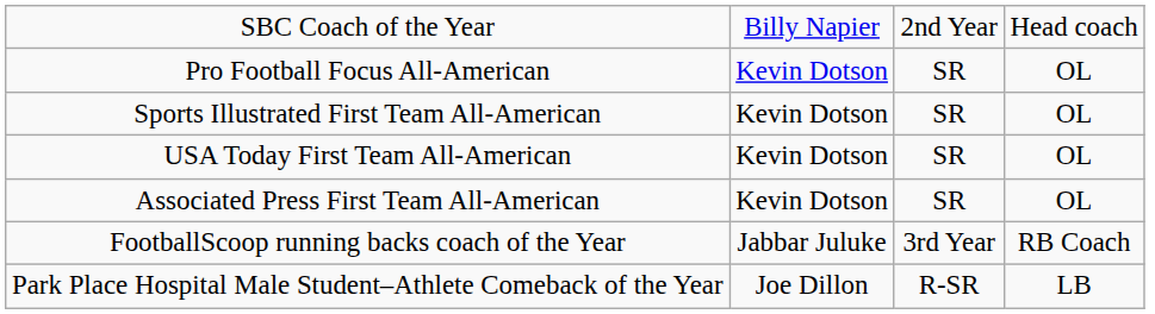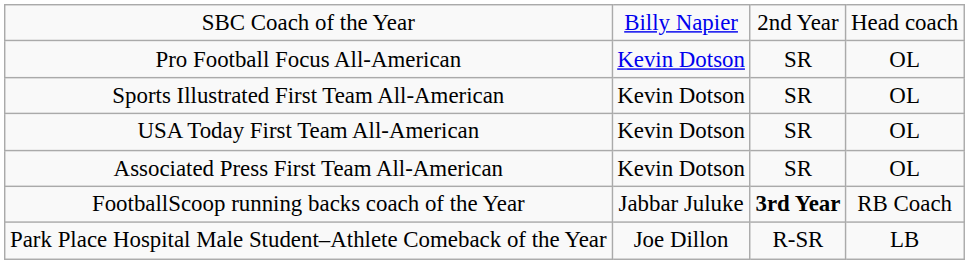 <table class="wikitable" style="text-align:center">
 <tr>
 <td>SBC Coach of the Year</td>
 <td><a href='#'>Billy Napier</a></td>
 <td>2nd Year</td>
 <td>Head coach</td>
 </tr>
 <tr>
 <td>Pro Football Focus All-American</td>
 <td><a href='#'>Kevin Dotson</a></td>
 <td>SR</td>
 <td>OL</td>
 </tr>
 <tr>
 <td>Sports Illustrated First Team All-American</td>
 <td>Kevin Dotson</td>
 <td>SR</td>
 <td>OL</td>
 </tr>
 <tr>
 <td>USA Today First Team All-American</td>
 <td>Kevin Dotson</td>
 <td>SR</td>
 <td>OL</td>
 </tr>
 <tr>
 <td>Associated Press First Team All-American</td>
 <td>Kevin Dotson</td>
 <td>SR</td>
 <td>OL</td>
 </tr>
 <tr>
 <td>FootballScoop running backs coach of the Year</td>
 <td>Jabbar Juluke</td>
-<td>3rd Year</td>
+<td><strong>3rd Year</strong></td>
 <td>RB Coach</td>
 </tr>
 <tr>
 <td>Park Place Hospital Male Student–Athlete Comeback of the Year</td>
 <td>Joe Dillon</td>
 <td>R-SR</td>
 <td>LB</td>
 </tr>
 </table>
